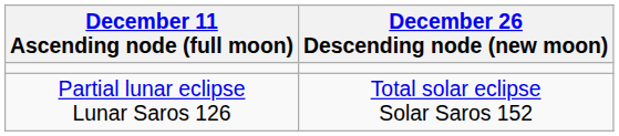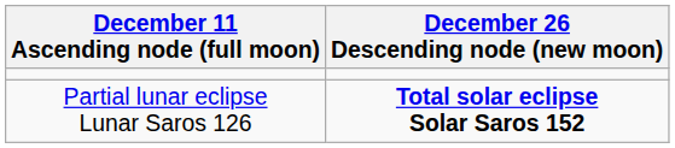 <table class="wikitable">
 <tr>
 <th><a href='#'>December 11</a><br>Ascending node (full moon)<br></th>
 <th><a href='#'>December 26</a><br>Descending node (new moon)<br></th>
 </tr>
 <tr>
 <td></td>
 <td></td>
 </tr>
 <tr align=center>
 <td><a href='#'>Partial lunar eclipse</a><br>Lunar Saros 126</td>
-<td><a href='#'>Total solar eclipse</a><br>Solar Saros 152</td>
+<td><strong><a href='#'>Total solar eclipse</a><br>Solar Saros 152</strong></td>
 </tr>
 </table>
